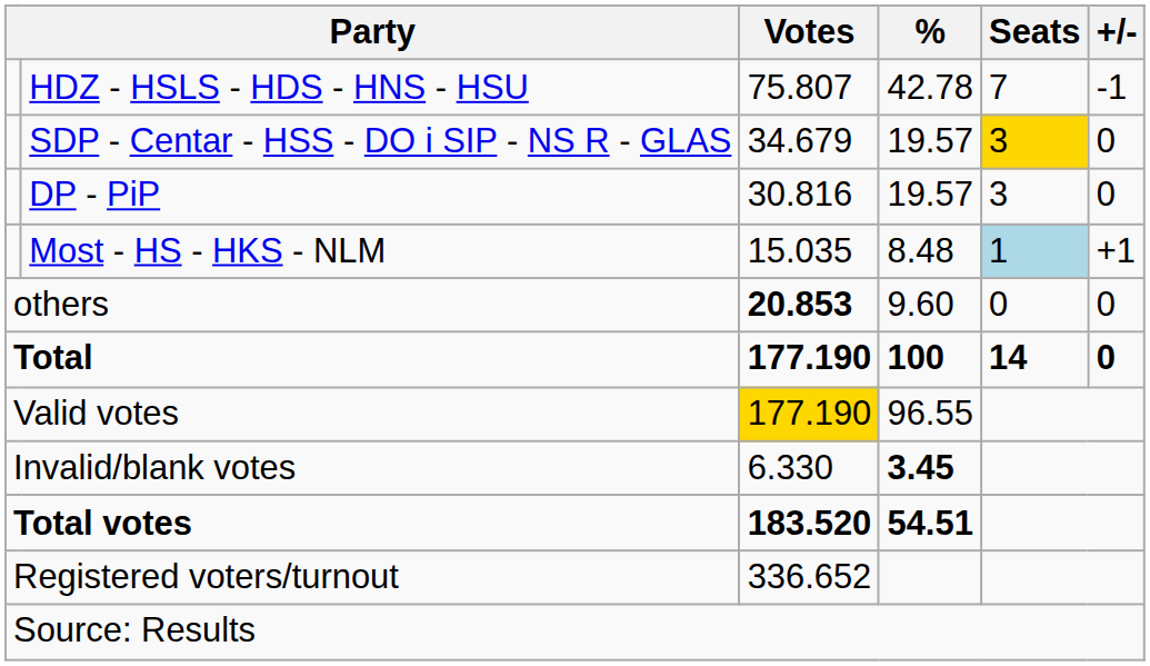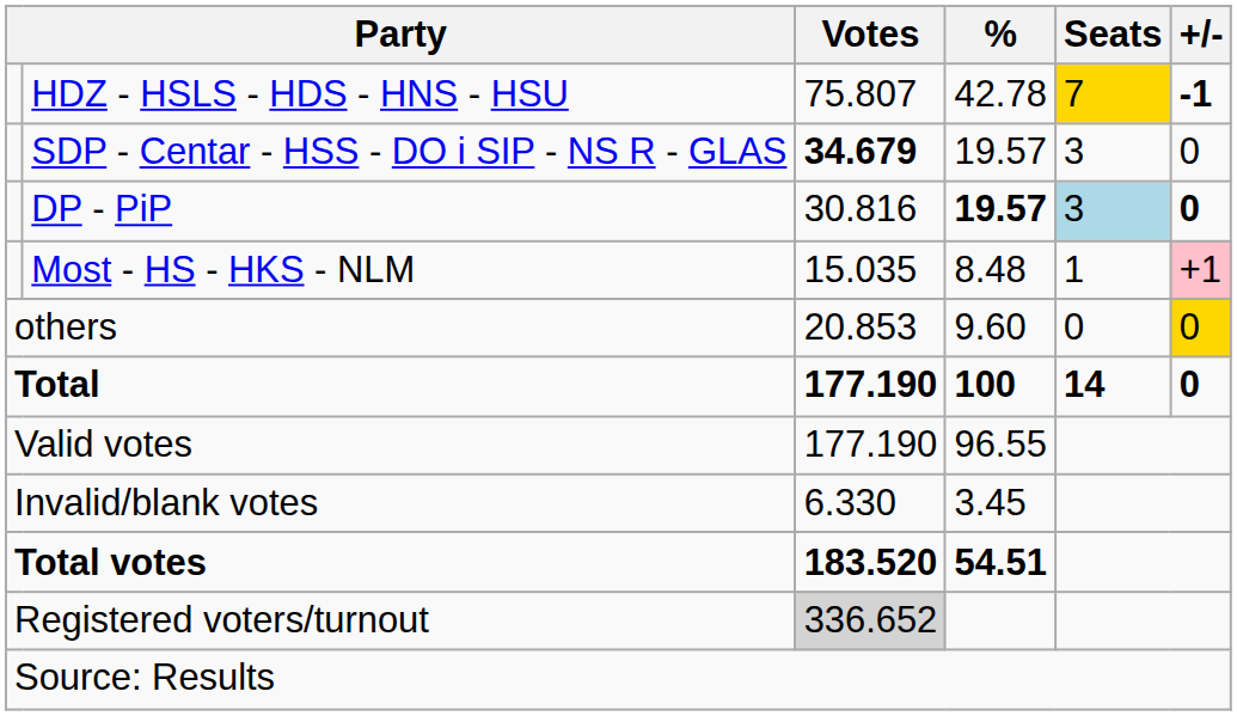 <table class="wikitable" style="text-align: left;">
 <tr>
 <th colspan="2">Party</th>
 <th>Votes</th>
 <th>%</th>
 <th>Seats</th>
 <th>+/-</th>
 </tr>
 <tr>
 <td style="background-color: "></td>
 <td><a href='#'>HDZ</a> - <a href='#'>HSLS</a> - <a href='#'>HDS</a> - <a href='#'>HNS</a> - <a href='#'>HSU</a></td>
 <td>75.807</td>
 <td>42.78</td>
-<td>7</td>
-<td>-1</td>
+<td style="background: gold;">7</td>
+<td><strong>-1</strong></td>
 </tr>
 <tr>
 <td style="background-color: "></td>
 <td><a href='#'>SDP</a> - <a href='#'>Centar</a> - <a href='#'>HSS</a> - <a href='#'>DO i SIP</a> - <a href='#'>NS R</a> - <a href='#'>GLAS</a></td>
-<td>34.679</td>
+<td><strong>34.679</strong></td>
 <td>19.57</td>
-<td style="background: gold;">3</td>
+<td>3</td>
 <td>0</td>
 </tr>
 <tr>
 <td style="background-color: "></td>
 <td><a href='#'>DP</a> - <a href='#'>PiP</a></td>
 <td>30.816</td>
-<td>19.57</td>
-<td>3</td>
-<td>0</td>
+<td><strong>19.57</strong></td>
+<td style="background: lightblue;">3</td>
+<td><strong>0</strong></td>
 </tr>
 <tr>
 <td style="background-color: "></td>
 <td><a href='#'>Most</a> - <a href='#'>HS</a> - <a href='#'>HKS</a> - NLM</td>
 <td>15.035</td>
 <td>8.48</td>
-<td style="background: lightblue;">1</td>
-<td>+1</td>
+<td>1</td>
+<td style="background: pink;">+1</td>
 </tr>
 <tr>
 <td colspan="2">others</td>
-<td><strong>20.853</strong></td>
+<td>20.853</td>
 <td>9.60</td>
 <td>0</td>
-<td>0</td>
+<td style="background: gold;">0</td>
 </tr>
 <tr>
 <td colspan="2"><strong>Total</strong></td>
 <td><strong>177.190</strong></td>
 <td><strong>100</strong></td>
 <td><strong>14</strong></td>
 <td><strong>0</strong></td>
 </tr>
 <tr>
 <td colspan="2">Valid votes</td>
-<td style="background: gold;">177.190</td>
+<td>177.190</td>
 <td>96.55</td>
 <td colspan="2"></td>
 </tr>
 <tr>
 <td colspan="2">Invalid/blank votes</td>
 <td>6.330</td>
-<td><strong>3.45</strong></td>
+<td>3.45</td>
 <td colspan="2"></td>
 </tr>
 <tr>
 <td colspan="2"><strong>Total votes</strong></td>
 <td><strong>183.520</strong></td>
 <td><strong>54.51</strong></td>
 <td colspan="2"></td>
 </tr>
 <tr>
 <td colspan="2">Registered voters/turnout</td>
-<td votes14="5343">336.652</td>
+<td votes14="5343" style="background: lightgrey;">336.652</td>
 <td></td>
 <td colspan="2"></td>
 </tr>
 <tr>
 <td colspan="6">Source: Results</td>
 </tr>
 </table>
